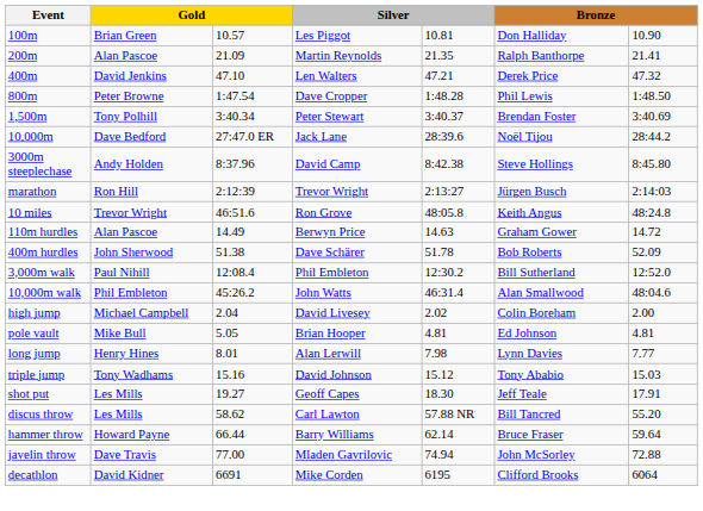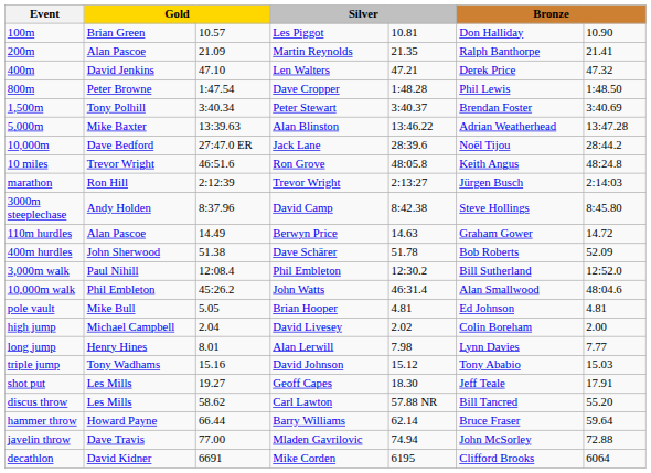 <table class="wikitable" style="text-align:left">
 <tr>
 <th width=100>Event</th>
 <th colspan="2" width="280" style="background:gold;">Gold</th>
 <th colspan="2" width="280" style="background:silver;">Silver</th>
 <th colspan="2" width="280" style="background:#CD7F32;">Bronze</th>
 </tr>
 <tr>
 <td><a href='#'>100m</a></td>
 <td><a href='#'>Brian Green</a></td>
 <td>10.57</td>
 <td> <a href='#'>Les Piggot</a></td>
 <td>10.81</td>
 <td> <a href='#'>Don Halliday</a></td>
 <td>10.90</td>
 </tr>
 <tr>
 <td><a href='#'>200m</a></td>
 <td><a href='#'>Alan Pascoe</a></td>
 <td>21.09</td>
 <td><a href='#'>Martin Reynolds</a></td>
 <td>21.35</td>
 <td><a href='#'>Ralph Banthorpe</a></td>
 <td>21.41</td>
 </tr>
 <tr>
 <td><a href='#'>400m</a></td>
 <td> <a href='#'>David Jenkins</a></td>
 <td>47.10</td>
 <td><a href='#'>Len Walters</a></td>
 <td>47.21</td>
 <td><a href='#'>Derek Price</a></td>
 <td>47.32</td>
 </tr>
 <tr>
 <td><a href='#'>800m</a></td>
 <td><a href='#'>Peter Browne</a></td>
 <td>1:47.54</td>
 <td><a href='#'>Dave Cropper</a></td>
 <td>1:48.28</td>
 <td><a href='#'>Phil Lewis</a></td>
 <td>1:48.50</td>
 </tr>
 <tr>
 <td><a href='#'>1,500m</a></td>
 <td> <a href='#'>Tony Polhill</a></td>
 <td>3:40.34</td>
 <td> <a href='#'>Peter Stewart</a></td>
 <td>3:40.37</td>
 <td><a href='#'>Brendan Foster</a></td>
 <td>3:40.69</td>
 </tr>
 <tr>
+<td><a href='#'>5,000m</a></td>
+<td><a href='#'>Mike Baxter</a></td>
+<td>13:39.63</td>
+<td><a href='#'>Alan Blinston</a></td>
+<td>13:46.22</td>
+<td><a href='#'>Adrian Weatherhead</a></td>
+<td>13:47.28</td>
+</tr>
+<tr>
 <td><a href='#'>10,000m</a></td>
 <td><a href='#'>Dave Bedford</a></td>
 <td>27:47.0 ER</td>
 <td><a href='#'>Jack Lane</a></td>
 <td>28:39.6</td>
 <td> <a href='#'>Noël Tijou</a></td>
 <td>28:44.2</td>
 </tr>
 <tr>
-<td><a href='#'>3000m steeplechase</a></td>
-<td><a href='#'>Andy Holden</a></td>
-<td>8:37.96</td>
-<td><a href='#'>David Camp</a></td>
-<td>8:42.38</td>
-<td><a href='#'>Steve Hollings</a></td>
-<td>8:45.80</td>
+<td><a href='#'>10 miles</a></td>
+<td><a href='#'>Trevor Wright</a></td>
+<td>46:51.6</td>
+<td><a href='#'>Ron Grove</a></td>
+<td>48:05.8</td>
+<td><a href='#'>Keith Angus</a></td>
+<td>48:24.8</td>
 </tr>
 <tr>
 <td><a href='#'>marathon</a></td>
 <td><a href='#'>Ron Hill</a></td>
 <td>2:12:39</td>
 <td><a href='#'>Trevor Wright</a></td>
 <td>2:13:27</td>
 <td> <a href='#'>Jürgen Busch</a></td>
 <td>2:14:03</td>
 </tr>
 <tr>
-<td><a href='#'>10 miles</a></td>
-<td><a href='#'>Trevor Wright</a></td>
-<td>46:51.6</td>
-<td><a href='#'>Ron Grove</a></td>
-<td>48:05.8</td>
-<td><a href='#'>Keith Angus</a></td>
-<td>48:24.8</td>
+<td><a href='#'>3000m steeplechase</a></td>
+<td><a href='#'>Andy Holden</a></td>
+<td>8:37.96</td>
+<td><a href='#'>David Camp</a></td>
+<td>8:42.38</td>
+<td><a href='#'>Steve Hollings</a></td>
+<td>8:45.80</td>
 </tr>
 <tr>
 <td><a href='#'>110m hurdles</a></td>
 <td><a href='#'>Alan Pascoe</a></td>
 <td>14.49</td>
 <td><a href='#'>Berwyn Price</a></td>
 <td>14.63</td>
 <td><a href='#'>Graham Gower</a></td>
 <td>14.72</td>
 </tr>
 <tr>
 <td><a href='#'>400m hurdles</a></td>
 <td><a href='#'>John Sherwood</a></td>
 <td>51.38</td>
 <td><a href='#'>Dave Schärer</a></td>
 <td>51.78</td>
 <td><a href='#'>Bob Roberts</a></td>
 <td>52.09</td>
 </tr>
 <tr>
 <td><a href='#'>3,000m walk</a></td>
 <td><a href='#'>Paul Nihill</a></td>
 <td>12:08.4</td>
 <td><a href='#'>Phil Embleton</a></td>
 <td>12:30.2</td>
 <td> <a href='#'>Bill Sutherland</a></td>
 <td>12:52.0</td>
 </tr>
 <tr>
 <td><a href='#'>10,000m walk</a></td>
 <td><a href='#'>Phil Embleton</a></td>
 <td>45:26.2</td>
 <td><a href='#'>John Watts</a></td>
 <td>46:31.4</td>
 <td><a href='#'>Alan Smallwood</a></td>
 <td>48:04.6</td>
 </tr>
 <tr>
+<td><a href='#'>pole vault</a></td>
+<td><a href='#'>Mike Bull</a></td>
+<td>5.05</td>
+<td><a href='#'>Brian Hooper</a></td>
+<td>4.81</td>
+<td> <a href='#'>Ed Johnson</a></td>
+<td>4.81</td>
+</tr>
+<tr>
 <td><a href='#'>high jump</a></td>
 <td><a href='#'>Michael Campbell</a></td>
 <td>2.04</td>
 <td><a href='#'>David Livesey</a></td>
 <td>2.02</td>
 <td><a href='#'>Colin Boreham</a></td>
 <td>2.00</td>
-</tr>
-<tr>
-<td><a href='#'>pole vault</a></td>
-<td><a href='#'>Mike Bull</a></td>
-<td>5.05</td>
-<td><a href='#'>Brian Hooper</a></td>
-<td>4.81</td>
-<td> <a href='#'>Ed Johnson</a></td>
-<td>4.81</td>
 </tr>
 <tr>
 <td><a href='#'>long jump</a></td>
 <td> <a href='#'>Henry Hines</a></td>
 <td>8.01</td>
 <td><a href='#'>Alan Lerwill</a></td>
 <td>7.98</td>
 <td> <a href='#'>Lynn Davies</a></td>
 <td>7.77</td>
 </tr>
 <tr>
 <td><a href='#'>triple jump</a></td>
 <td><a href='#'>Tony Wadhams</a></td>
 <td>15.16</td>
 <td><a href='#'>David Johnson</a></td>
 <td>15.12</td>
 <td><a href='#'>Tony Ababio</a></td>
 <td>15.03</td>
 </tr>
 <tr>
 <td><a href='#'>shot put</a></td>
 <td> <a href='#'>Les Mills</a></td>
 <td>19.27</td>
 <td><a href='#'>Geoff Capes</a></td>
 <td>18.30</td>
 <td><a href='#'>Jeff Teale</a></td>
 <td>17.91</td>
 </tr>
 <tr>
 <td><a href='#'>discus throw</a></td>
 <td> <a href='#'>Les Mills</a></td>
 <td>58.62</td>
 <td><a href='#'>Carl Lawton</a></td>
 <td>57.88 NR</td>
 <td><a href='#'>Bill Tancred</a></td>
 <td>55.20</td>
 </tr>
 <tr>
 <td><a href='#'>hammer throw</a></td>
 <td><a href='#'>Howard Payne</a></td>
 <td>66.44</td>
 <td><a href='#'>Barry Williams</a></td>
 <td>62.14</td>
 <td><a href='#'>Bruce Fraser</a></td>
 <td>59.64</td>
 </tr>
 <tr>
 <td><a href='#'>javelin throw</a></td>
 <td><a href='#'>Dave Travis</a></td>
 <td>77.00</td>
 <td><a href='#'>Mladen Gavrilovic</a></td>
 <td>74.94</td>
 <td><a href='#'>John McSorley</a></td>
 <td>72.88</td>
 </tr>
 <tr>
 <td><a href='#'>decathlon</a></td>
 <td> <a href='#'>David Kidner</a></td>
 <td>6691</td>
 <td><a href='#'>Mike Corden</a></td>
 <td>6195</td>
 <td> <a href='#'>Clifford Brooks</a></td>
 <td>6064</td>
 </tr>
 </table>
